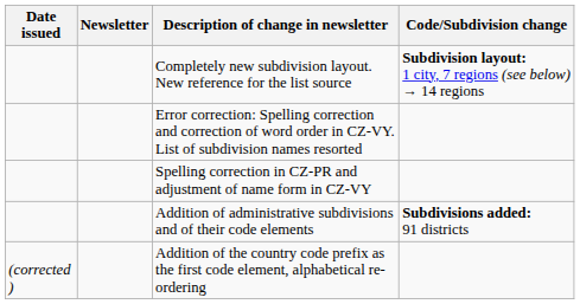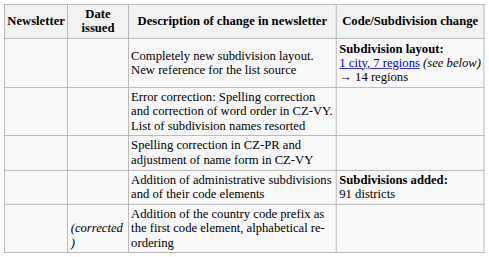 <table class="wikitable">
 <tr>
+<th>Newsletter</th>
 <th>Date issued</th>
-<th>Newsletter</th>
 <th>Description of change in newsletter</th>
 <th>Code/Subdivision change</th>
 </tr>
 <tr>
+<td id="I-2"></td>
 <td></td>
-<td id="I-2"></td>
 <td>Completely new subdivision layout. New reference for the list source</td>
 <td style=white-space:nowrap><strong>Subdivision layout:</strong><br> <a href='#'>1 city, 7 regions</a> <em>(see below)</em><br> → 14 regions</td>
 </tr>
 <tr>
+<td id="I-3"></td>
 <td></td>
-<td id="I-3"></td>
 <td>Error correction: Spelling correction and correction of word order in CZ-VY. List of subdivision names resorted</td>
 <td></td>
 </tr>
 <tr>
+<td id="I-5"></td>
 <td></td>
-<td id="I-5"></td>
 <td>Spelling correction in CZ-PR and adjustment of name form in CZ-VY</td>
 <td></td>
 </tr>
 <tr>
+<td id="I-9"></td>
 <td></td>
-<td id="I-9"></td>
 <td>Addition of administrative subdivisions and of their code elements</td>
 <td style=white-space:nowrap><strong>Subdivisions added:</strong><br> 91 districts</td>
 </tr>
 <tr>
+<td id="II-1"></td>
 <td><br> <em>(corrected<br> )</em></td>
-<td id="II-1"></td>
 <td>Addition of the country code prefix as the first code element, alphabetical re-ordering</td>
 <td></td>
 </tr>
 </table>
